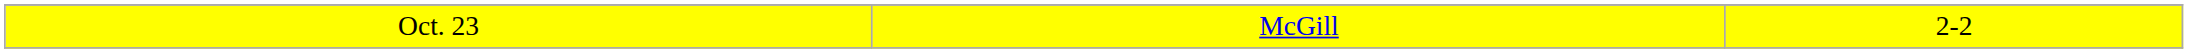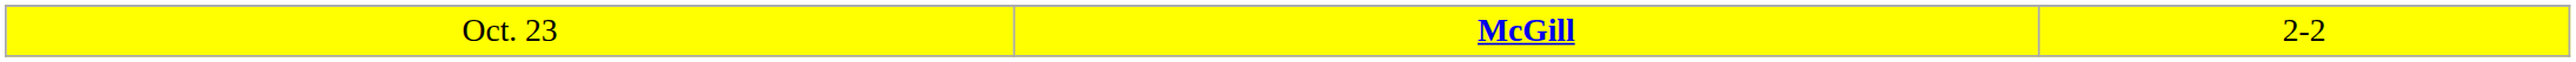 <table class="wikitable" width="80%">
 <tr align="center">
 </tr>
 <tr align="center" bgcolor="yellow">
 <td>Oct. 23</td>
-<td><a href='#'>McGill</a></td>
+<td><strong><a href='#'>McGill</a></strong></td>
 <td>2-2</td>
 </tr>
 </table>
